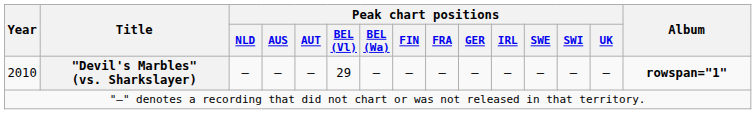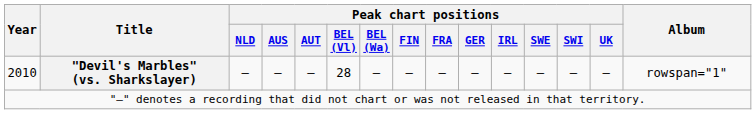 <table class="wikitable plainrowheaders" style="text-align:center;">
 <tr>
 <th scope="col" rowspan="2" style="width:1em;">Year</th>
 <th scope="col" rowspan="2" style="width:15em;">Title</th>
 <th scope="col" colspan="12">Peak chart positions</th>
 <th scope="col" rowspan="2" style="width:10em;">Album</th>
 </tr>
 <tr>
 <th scope="col" style="width:2.5em;font-size:90%;"><a href='#'>NLD</a><br></th>
 <th scope="col" style="width:2.5em;font-size:90%;"><a href='#'>AUS</a><br></th>
 <th scope="col" style="width:2.5em;font-size:90%;"><a href='#'>AUT</a><br></th>
 <th scope="col" style="width:2.5em;font-size:90%;"><a href='#'>BEL (Vl)</a><br></th>
 <th scope="col" style="width:2.5em;font-size:90%;"><a href='#'>BEL (Wa)</a><br></th>
 <th scope="col" style="width:2.5em;font-size:90%;"><a href='#'>FIN</a><br></th>
 <th scope="col" style="width:2.5em;font-size:90%;"><a href='#'>FRA</a><br></th>
 <th scope="col" style="width:2.5em;font-size:90%;"><a href='#'>GER</a><br></th>
 <th scope="col" style="width:2.5em;font-size:90%;"><a href='#'>IRL</a><br></th>
 <th scope="col" style="width:2.5em;font-size:90%;"><a href='#'>SWE</a><br></th>
 <th scope="col" style="width:2.5em;font-size:90%;"><a href='#'>SWI</a><br></th>
 <th scope="col" style="width:2.5em;font-size:90%;"><a href='#'>UK</a><br></th>
 </tr>
 <tr>
 <td rowspan="1">2010</td>
 <th scope="row">"Devil's Marbles" <br><span>(vs. Sharkslayer)</span></th>
 <td>—</td>
 <td>—</td>
 <td>—</td>
-<td>29</td>
+<td>28</td>
 <td>—</td>
 <td>—</td>
 <td>—</td>
 <td>—</td>
 <td>—</td>
 <td>—</td>
 <td>—</td>
 <td>—</td>
-<td><strong>rowspan="1" </strong></td>
+<td>rowspan="1" </td>
 </tr>
 <tr>
 <td colspan="16" style="font-size:90%">"—" denotes a recording that did not chart or was not released in that territory.</td>
 </tr>
 </table>
